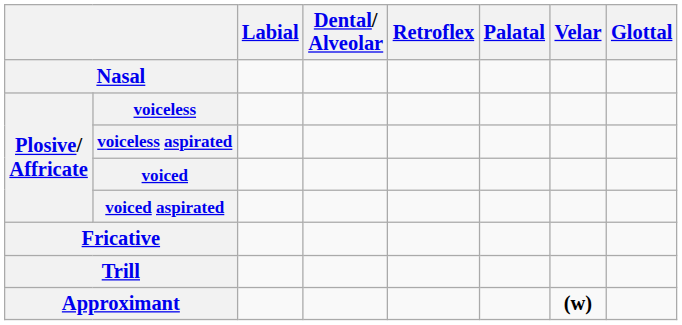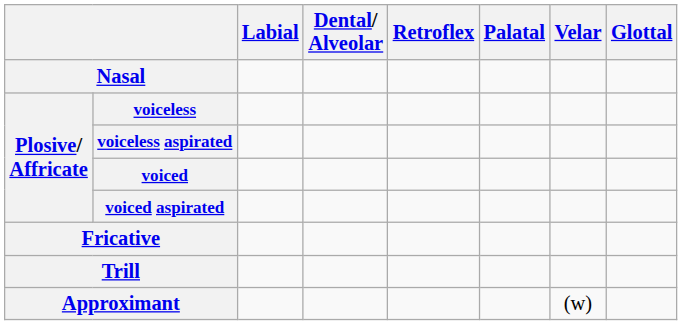 <table class="wikitable" style="text-align: center;">
 <tr>
 <th colspan="2"></th>
 <th><a href='#'>Labial</a></th>
 <th><a href='#'>Dental</a>/<br><a href='#'>Alveolar</a></th>
 <th><a href='#'>Retroflex</a></th>
 <th><a href='#'>Palatal</a></th>
 <th><a href='#'>Velar</a></th>
 <th><a href='#'>Glottal</a></th>
 </tr>
 <tr>
 <th colspan="2"><a href='#'>Nasal</a></th>
 <td></td>
 <td></td>
 <td></td>
 <td></td>
 <td></td>
 <td></td>
 </tr>
 <tr>
 <th rowspan="4"><a href='#'>Plosive</a>/<br><a href='#'>Affricate</a></th>
 <th><small><a href='#'>voiceless</a></small></th>
 <td></td>
 <td></td>
 <td></td>
 <td></td>
 <td></td>
 <td></td>
 </tr>
 <tr>
 <th><small><a href='#'>voiceless</a> <a href='#'>aspirated</a></small></th>
 <td></td>
 <td></td>
 <td></td>
 <td></td>
 <td></td>
 <td></td>
 </tr>
 <tr>
 <th><small><a href='#'>voiced</a></small></th>
 <td></td>
 <td></td>
 <td></td>
 <td></td>
 <td></td>
 <td></td>
 </tr>
 <tr>
 <th><small><a href='#'>voiced</a> <a href='#'>aspirated</a></small></th>
 <td></td>
 <td></td>
 <td></td>
 <td></td>
 <td></td>
 <td></td>
 </tr>
 <tr>
 <th colspan="2"><a href='#'>Fricative</a></th>
 <td></td>
 <td></td>
 <td></td>
 <td></td>
 <td></td>
 <td></td>
 </tr>
 <tr>
 <th colspan="2"><a href='#'>Trill</a></th>
 <td></td>
 <td></td>
 <td></td>
 <td></td>
 <td></td>
 <td></td>
 </tr>
 <tr>
 <th colspan="2"><a href='#'>Approximant</a></th>
 <td></td>
 <td></td>
 <td></td>
 <td></td>
-<td><strong>(w)</strong></td>
+<td>(w)</td>
 <td></td>
 </tr>
 </table>
